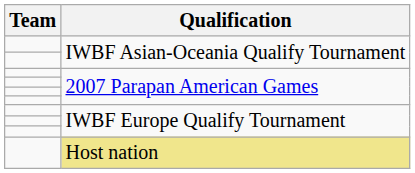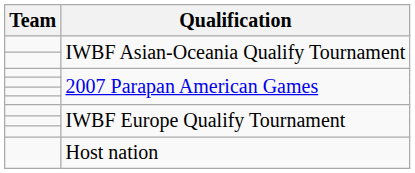 <table class="wikitable">
 <tr>
 <th>Team</th>
 <th>Qualification</th>
 </tr>
 <tr>
 <td></td>
 <td rowspan=2>IWBF Asian-Oceania Qualify Tournament</td>
 </tr>
 <tr>
 <td></td>
 </tr>
 <tr>
 <td></td>
 <td rowspan=4><a href='#'>2007 Parapan American Games</a></td>
 </tr>
 <tr>
 <td></td>
 </tr>
 <tr>
 <td></td>
 </tr>
 <tr>
 <td></td>
 </tr>
 <tr>
 <td></td>
 <td rowspan=3>IWBF Europe Qualify Tournament</td>
 </tr>
 <tr>
 <td></td>
 </tr>
 <tr>
 <td></td>
 </tr>
 <tr>
 <td></td>
-<td style="background: khaki;">Host nation</td>
+<td>Host nation</td>
 </tr>
 </table>
